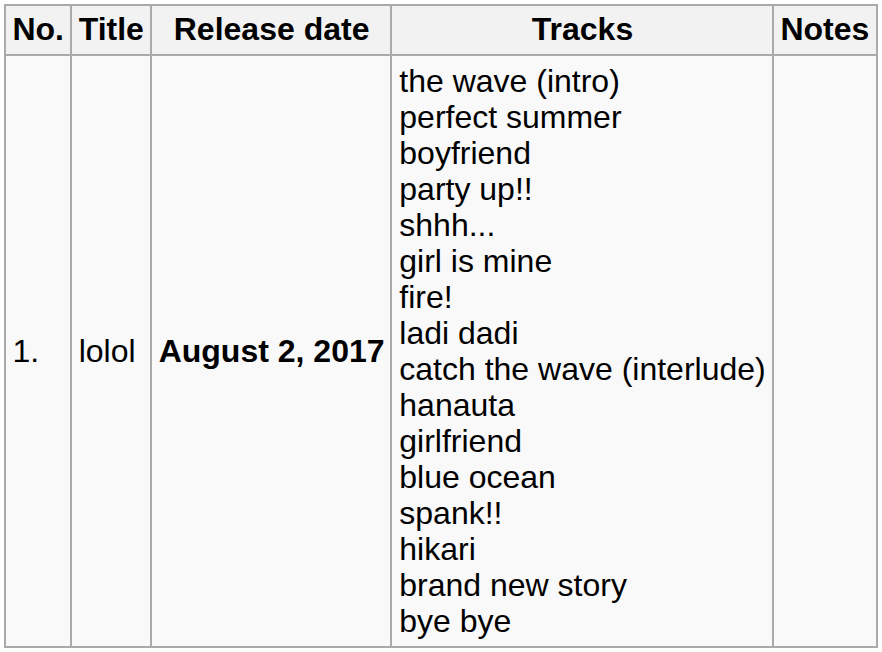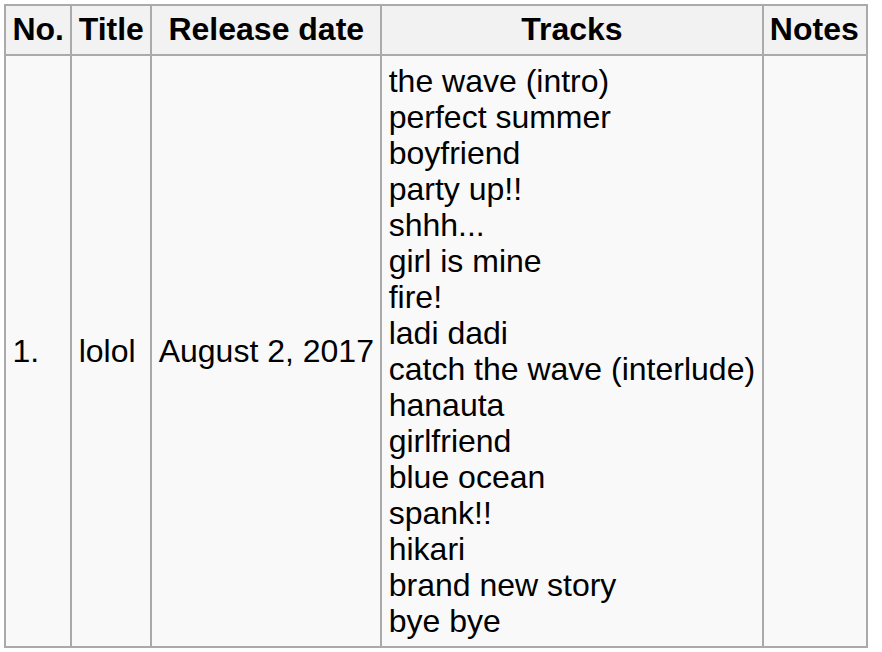 <table class="wikitable">
 <tr>
 <th>No.</th>
 <th>Title</th>
 <th>Release date</th>
 <th>Tracks</th>
 <th>Notes</th>
 </tr>
 <tr>
 <td>1.</td>
 <td>lolol</td>
-<td><strong>August 2, 2017</strong></td>
+<td>August 2, 2017</td>
 <td>the wave (intro)<br>perfect summer<br>boyfriend<br>party up!!<br>shhh...<br>girl is mine<br>fire!<br>ladi dadi<br>catch the wave (interlude)<br>hanauta<br>girlfriend<br>blue ocean<br>spank!!<br>hikari<br>brand new story<br>bye bye</td>
 </tr>
 </table>
